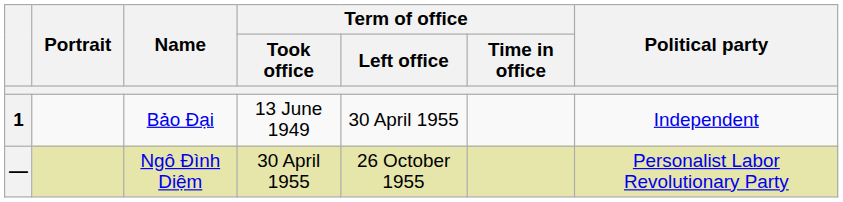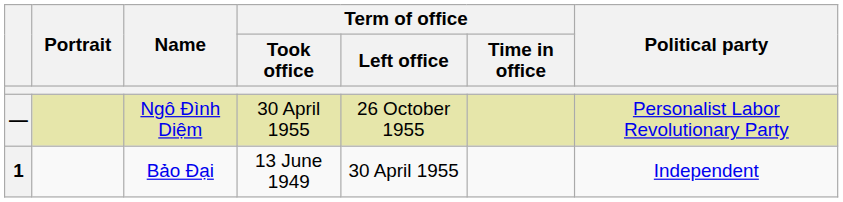 <table class="wikitable" style="text-align:center; border:1px #aaf solid; width:80%;">
 <tr>
 <th rowspan="2"></th>
 <th rowspan="2" style="width:70px;">Portrait</th>
 <th rowspan="2">Name<br></th>
 <th colspan="3">Term of office</th>
 <th rowspan="2">Political party</th>
 </tr>
 <tr>
 <th>Took office</th>
 <th>Left office</th>
 <th>Time in office</th>
 </tr>
 <tr>
 <th colspan=7></th>
 </tr>
 <tr>
+<th style="background:">—</th>
+<td style="background:#e6e6aa;"></td>
+<td style="background:#e6e6aa;"><a href='#'>Ngô Đình Diệm</a><br></td>
+<td style="background:#e6e6aa;">30 April 1955</td>
+<td style="background:#e6e6aa;">26 October 1955</td>
+<td style="background:#e6e6aa;"></td>
+<td style="background:#e6e6aa;"><a href='#'>Personalist Labor Revolutionary Party</a></td>
+</tr>
+<tr>
 <th style="background:">1</th>
 <td></td>
 <td><a href='#'>Bảo Đại</a><br></td>
 <td>13 June 1949</td>
 <td>30 April 1955</td>
 <td></td>
 <td><a href='#'>Independent</a></td>
 </tr>
-<tr>
-<th style="background:">—</th>
-<td style="background:#e6e6aa;"></td>
-<td style="background:#e6e6aa;"><a href='#'>Ngô Đình Diệm</a><br></td>
-<td style="background:#e6e6aa;">30 April 1955</td>
-<td style="background:#e6e6aa;">26 October 1955</td>
-<td style="background:#e6e6aa;"></td>
-<td style="background:#e6e6aa;"><a href='#'>Personalist Labor Revolutionary Party</a></td>
-</tr>
 </table>
